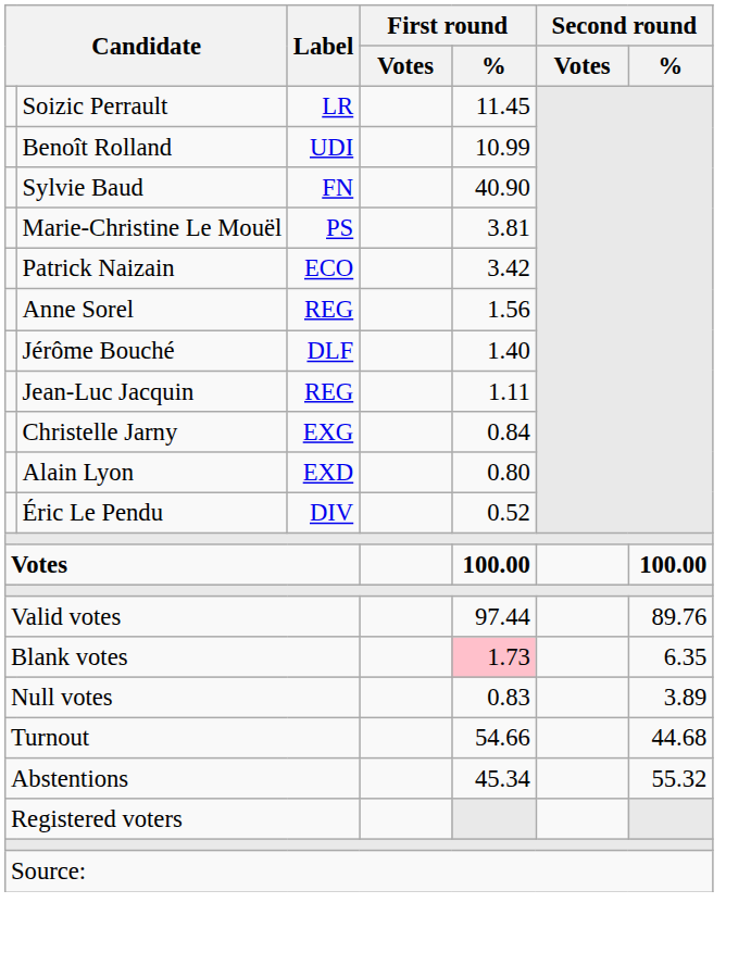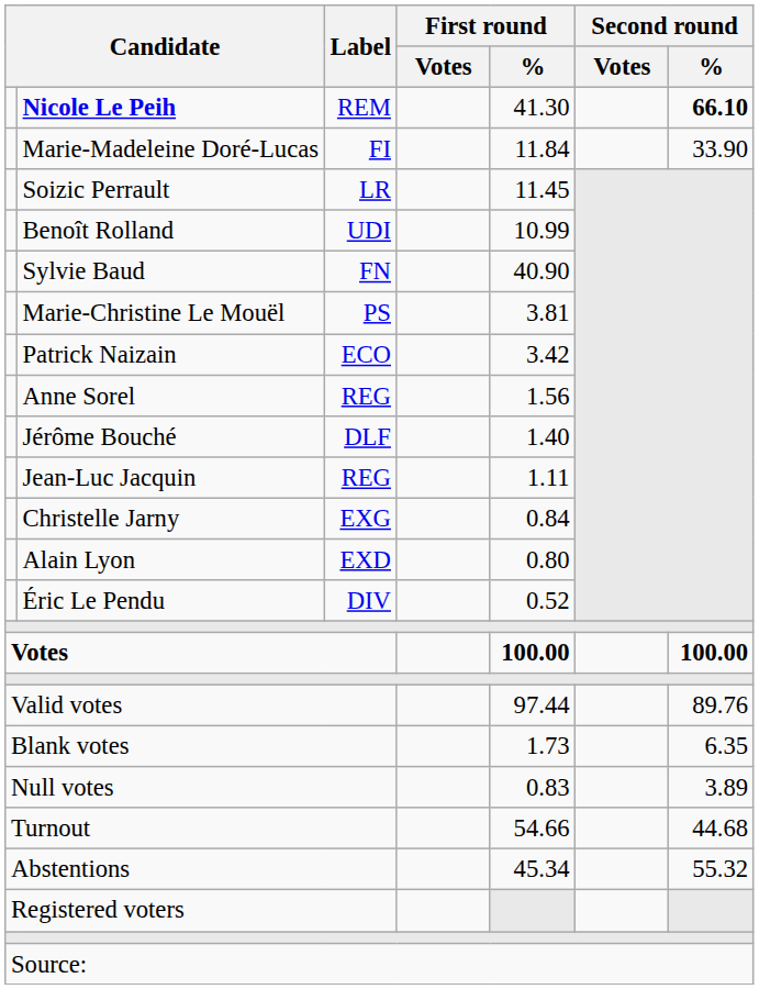 <table class="wikitable" style="text-align:right;font-size:95%;">
 <tr>
 <th rowspan="2" colspan="2">Candidate</th>
 <th rowspan="2">Label</th>
 <th colspan="2">First round</th>
 <th colspan="2">Second round</th>
 </tr>
 <tr>
 <th style="width:50px;">Votes</th>
 <th style="width:45px;">%</th>
 <th style="width:50px;">Votes</th>
 <th style="width:45px;">%</th>
+</tr>
+<tr>
+<td style="color:inherit;background:"></td>
+<td style="text-align:left;"><strong><a href='#'>Nicole Le Peih</a></strong></td>
+<td><a href='#'>REM</a></td>
+<td></td>
+<td>41.30</td>
+<td><strong></strong></td>
+<td><strong>66.10</strong></td>
+</tr>
+<tr>
+<td style="color:inherit;background:"></td>
+<td style="text-align:left;">Marie-Madeleine Doré-Lucas</td>
+<td><a href='#'>FI</a></td>
+<td></td>
+<td>11.84</td>
+<td></td>
+<td>33.90</td>
 </tr>
 <tr>
 <td style="color:inherit;background:"></td>
 <td style="text-align:left;">Soizic Perrault</td>
 <td><a href='#'>LR</a></td>
 <td></td>
 <td>11.45</td>
 <td colspan="2" rowspan="11" style="background:#E9E9E9;"></td>
 </tr>
 <tr>
 <td style="color:inherit;background:"></td>
 <td style="text-align:left;">Benoît Rolland</td>
 <td><a href='#'>UDI</a></td>
 <td></td>
 <td>10.99</td>
 </tr>
 <tr>
 <td style="color:inherit;background:"></td>
 <td style="text-align:left;">Sylvie Baud</td>
 <td><a href='#'>FN</a></td>
 <td></td>
 <td>40.90</td>
 </tr>
 <tr>
 <td style="color:inherit;background:"></td>
 <td style="text-align:left;">Marie-Christine Le Mouël</td>
 <td><a href='#'>PS</a></td>
 <td></td>
 <td>3.81</td>
 </tr>
 <tr>
 <td style="color:inherit;background:"></td>
 <td style="text-align:left;">Patrick Naizain</td>
 <td><a href='#'>ECO</a></td>
 <td></td>
 <td>3.42</td>
 </tr>
 <tr>
 <td style="color:inherit;background:"></td>
 <td style="text-align:left;">Anne Sorel</td>
 <td><a href='#'>REG</a></td>
 <td></td>
 <td>1.56</td>
 </tr>
 <tr>
 <td style="color:inherit;background:"></td>
 <td style="text-align:left;">Jérôme Bouché</td>
 <td><a href='#'>DLF</a></td>
 <td></td>
 <td>1.40</td>
 </tr>
 <tr>
 <td style="color:inherit;background:"></td>
 <td style="text-align:left;">Jean-Luc Jacquin</td>
 <td><a href='#'>REG</a></td>
 <td></td>
 <td>1.11</td>
 </tr>
 <tr>
 <td style="color:inherit;background:"></td>
 <td style="text-align:left;">Christelle Jarny</td>
 <td><a href='#'>EXG</a></td>
 <td></td>
 <td>0.84</td>
 </tr>
 <tr>
 <td style="color:inherit;background:"></td>
 <td style="text-align:left;">Alain Lyon</td>
 <td><a href='#'>EXD</a></td>
 <td></td>
 <td>0.80</td>
 </tr>
 <tr>
 <td style="color:inherit;background:"></td>
 <td style="text-align:left;">Éric Le Pendu</td>
 <td><a href='#'>DIV</a></td>
 <td></td>
 <td>0.52</td>
 </tr>
 <tr>
 <td colspan="7" style="background:#E9E9E9;"></td>
 </tr>
 <tr style="font-weight:bold;">
 <td colspan="3" style="text-align:left;">Votes</td>
 <td></td>
 <td>100.00</td>
 <td></td>
 <td>100.00</td>
 </tr>
 <tr>
 <td colspan="7" style="background:#E9E9E9;"></td>
 </tr>
 <tr>
 <td colspan="3" style="text-align:left;">Valid votes</td>
 <td></td>
 <td>97.44</td>
 <td></td>
 <td>89.76</td>
 </tr>
 <tr>
 <td colspan="3" style="text-align:left;">Blank votes</td>
 <td></td>
-<td style="background: pink;">1.73</td>
+<td>1.73</td>
 <td></td>
 <td>6.35</td>
 </tr>
 <tr>
 <td colspan="3" style="text-align:left;">Null votes</td>
 <td></td>
 <td>0.83</td>
 <td></td>
 <td>3.89</td>
 </tr>
 <tr>
 <td colspan="3" style="text-align:left;">Turnout</td>
 <td></td>
 <td>54.66</td>
 <td></td>
 <td>44.68</td>
 </tr>
 <tr>
 <td colspan="3" style="text-align:left;">Abstentions</td>
 <td></td>
 <td>45.34</td>
 <td></td>
 <td>55.32</td>
 </tr>
 <tr>
 <td colspan="3" style="text-align:left;">Registered voters</td>
 <td></td>
 <td style="background:#E9E9E9;"></td>
 <td></td>
 <td style="background:#E9E9E9;"></td>
 </tr>
 <tr>
 <td colspan="7" style="background:#E9E9E9;"></td>
 </tr>
 <tr>
 <td colspan="7" style="text-align:left;">Source: </td>
 </tr>
 </table>
